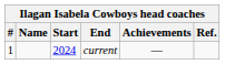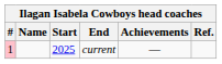 <table class="wikitable sortable">
 <tr>
 <th colspan="6">Ilagan Isabela Cowboys head coaches</th>
 </tr>
 <tr>
 <th>#</th>
 <th>Name</th>
 <th>Start</th>
 <th>End</th>
 <th>Achievements</th>
 <th>Ref.</th>
 </tr>
 <tr>
-<td align=center>1</td>
+<td align=center style="background: pink;">1</td>
 <td></td>
-<td><a href='#'>2024</a></td>
+<td><a href='#'>2025</a></td>
 <td><em>current</em></td>
 <td align=center>—</td>
 <td></td>
 </tr>
 </table>
